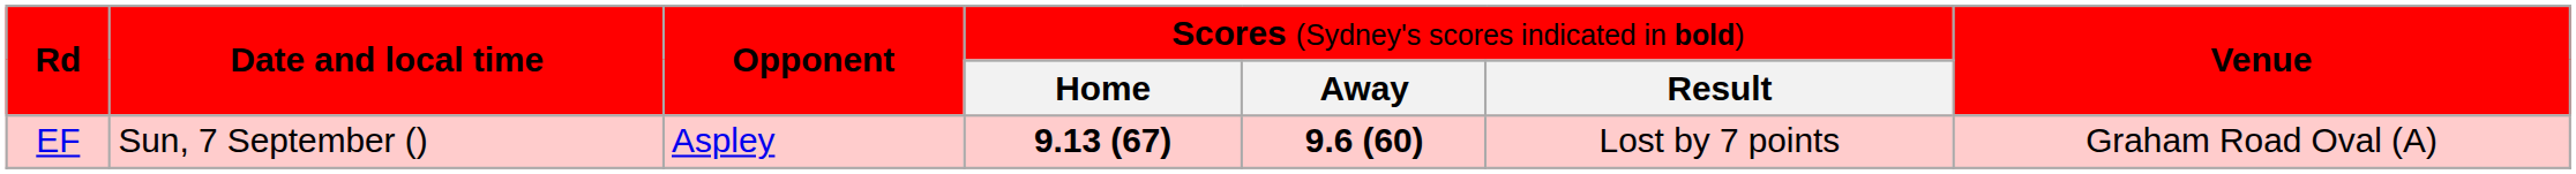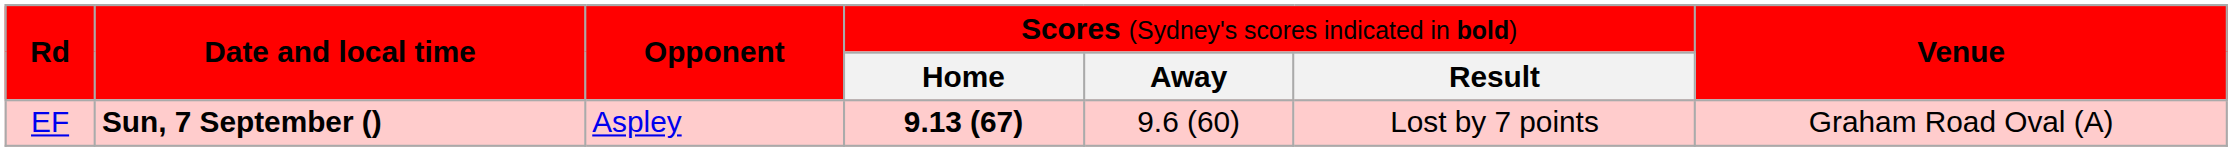 <table class="wikitable" style="font-size:90%; text-align:center; width: 85%; margin-left: auto; margin-right: auto;">
 <tr style="background:#FF0000;">
 <td rowspan=2><span><strong>Rd</strong></span></td>
 <td rowspan=2><span><strong>Date and local time</strong></span></td>
 <td rowspan=2><span><strong>Opponent</strong></span></td>
 <td colspan=3><span><strong>Scores</strong> <small>(Sydney's scores indicated in <strong>bold</strong>)</small></span></td>
 <td rowspan=2><span><strong>Venue</strong></span></td>
 </tr>
 <tr>
 <th><span>Home</span></th>
 <th><span>Away</span></th>
 <th><span>Result</span></th>
 </tr>
 <tr style="background:#fcc;">
 <td><a href='#'>EF</a></td>
-<td align=left>Sun, 7 September ()</td>
+<td align=left><strong>Sun, 7 September ()</strong></td>
 <td align=left><a href='#'>Aspley</a></td>
 <td><strong>9.13 (67)</strong></td>
-<td><strong>9.6 (60)</strong></td>
+<td>9.6 (60)</td>
 <td>Lost by 7 points</td>
 <td>Graham Road Oval (A)</td>
 </tr>
 </table>
